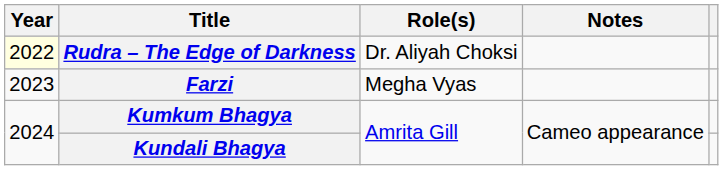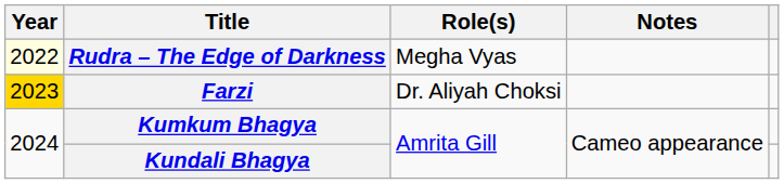 <table class="wikitable plainrowheaders ">
 <tr>
 <th scope="col">Year</th>
 <th scope="col">Title</th>
 <th scope="col">Role(s)</th>
 <th scope="col" class="unsortable">Notes</th>
 <th scope="col" class="unsortable"></th>
 </tr>
 <tr>
 <td style="background: lightyellow;">2022</td>
 <th scope="row"><a href='#'><em>Rudra – The Edge of Darkness</em></a></th>
-<td>Dr. Aliyah Choksi</td>
+<td>Megha Vyas</td>
 <td></td>
 <td></td>
 </tr>
 <tr>
-<td>2023</td>
+<td style="background: gold;">2023</td>
 <th scope="row"><em><a href='#'>Farzi</a></em></th>
-<td>Megha Vyas</td>
+<td>Dr. Aliyah Choksi</td>
 <td></td>
 <td></td>
 </tr>
 <tr>
 <td rowspan="2">2024</td>
 <th scope="row"><em><a href='#'>Kumkum Bhagya</a></em></th>
 <td rowspan="2"><a href='#'>Amrita Gill</a></td>
 <td rowspan="2">Cameo appearance</td>
 <td></td>
 </tr>
 <tr>
 <th scope="row"><em><a href='#'>Kundali Bhagya</a></em></th>
 <td></td>
 </tr>
 </table>
